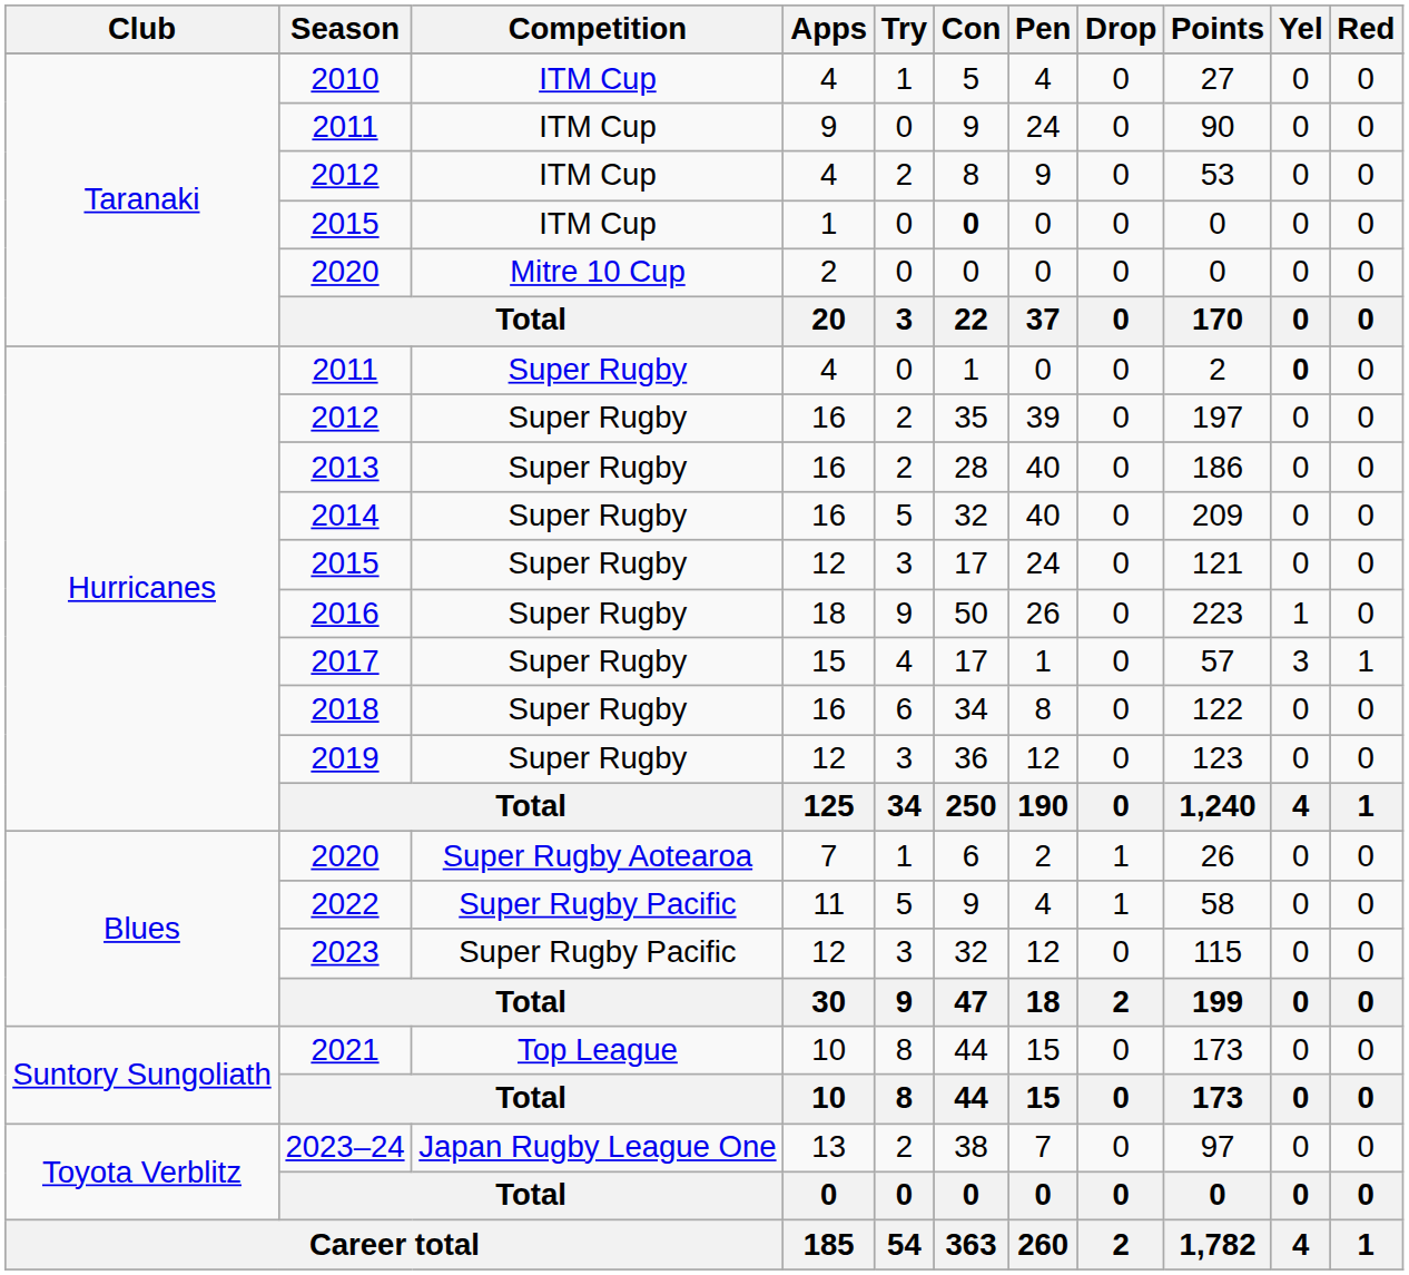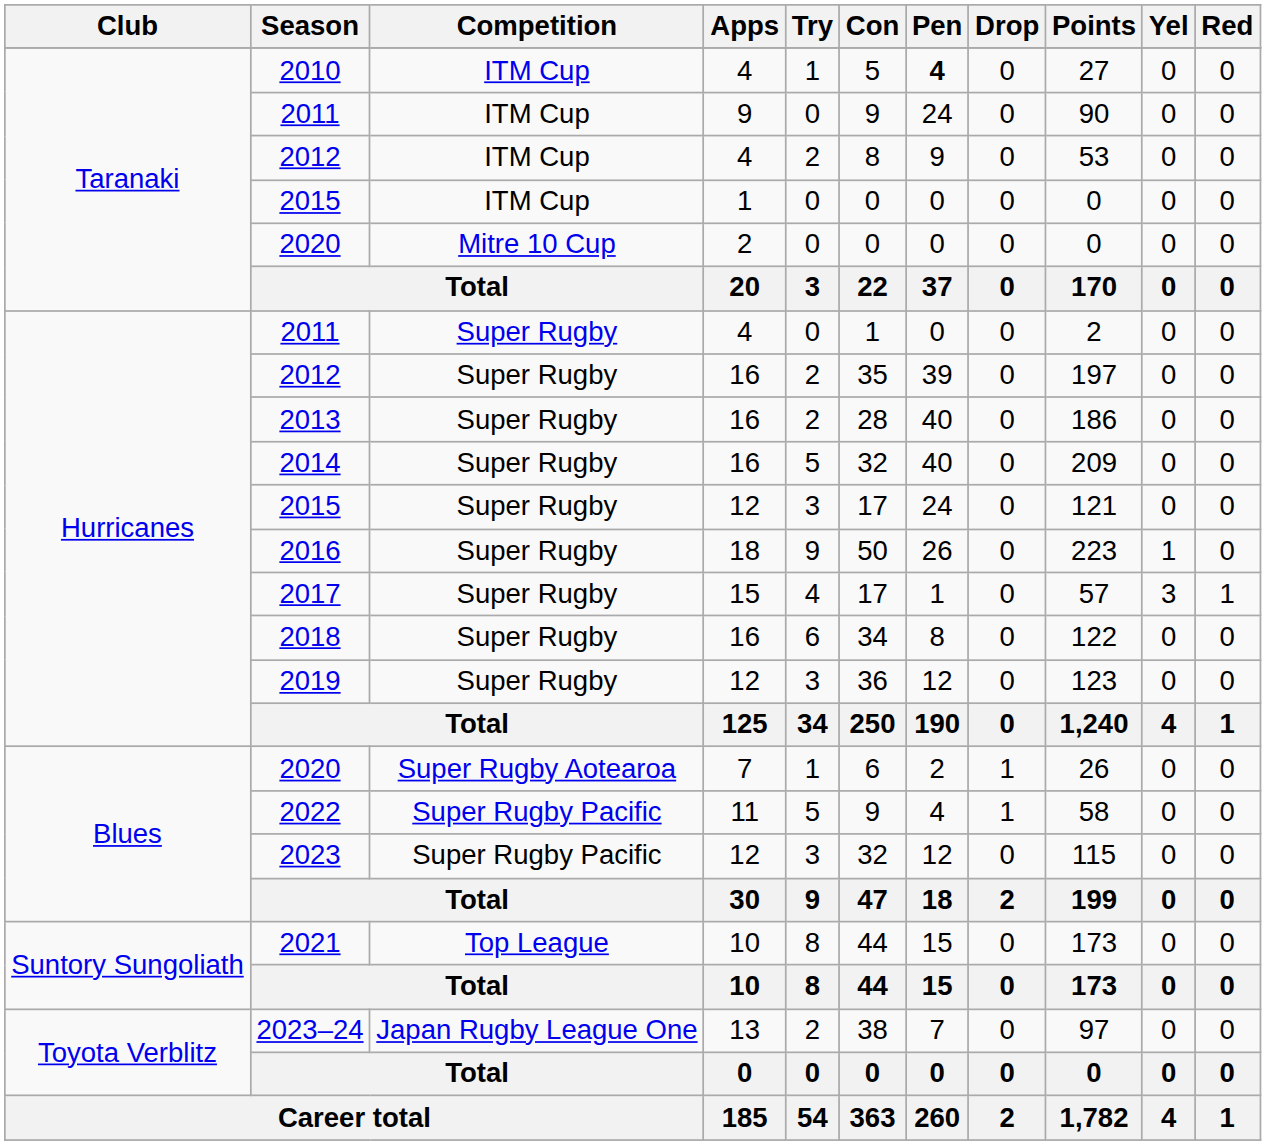 <table class="wikitable sortable" style="text-align:center">
 <tr>
 <th scope="col">Club</th>
 <th scope="col">Season</th>
 <th scope="col">Competition</th>
 <th scope="col">Apps</th>
 <th scope="col">Try</th>
 <th scope="col">Con</th>
 <th scope="col">Pen</th>
 <th scope="col">Drop</th>
 <th scope="col">Points</th>
 <th scope="col">Yel</th>
 <th scope="col">Red</th>
 </tr>
 <tr>
 </tr>
 <tr>
 <td rowspan="6"><a href='#'>Taranaki</a></td>
 <td><a href='#'>2010</a></td>
 <td><a href='#'>ITM Cup</a></td>
 <td>4</td>
 <td>1</td>
 <td>5</td>
-<td>4</td>
+<td><strong>4</strong></td>
 <td>0</td>
 <td>27</td>
 <td>0</td>
 <td>0</td>
 </tr>
 <tr>
 <td><a href='#'>2011</a></td>
 <td>ITM Cup</td>
 <td>9</td>
 <td>0</td>
 <td>9</td>
 <td>24</td>
 <td>0</td>
 <td>90</td>
 <td>0</td>
 <td>0</td>
 </tr>
 <tr>
 <td><a href='#'>2012</a></td>
 <td>ITM Cup</td>
 <td>4</td>
 <td>2</td>
 <td>8</td>
 <td>9</td>
 <td>0</td>
 <td>53</td>
 <td>0</td>
 <td>0</td>
 </tr>
 <tr>
 <td><a href='#'>2015</a></td>
 <td>ITM Cup</td>
 <td>1</td>
 <td>0</td>
-<td><strong>0</strong></td>
+<td>0</td>
 <td>0</td>
 <td>0</td>
 <td>0</td>
 <td>0</td>
 <td>0</td>
 </tr>
 <tr>
 <td><a href='#'>2020</a></td>
 <td><a href='#'>Mitre 10 Cup</a></td>
 <td>2</td>
 <td>0</td>
 <td>0</td>
 <td>0</td>
 <td>0</td>
 <td>0</td>
 <td>0</td>
 <td>0</td>
 </tr>
 <tr>
 <th colspan="2">Total</th>
 <th>20</th>
 <th>3</th>
 <th>22</th>
 <th>37</th>
 <th>0</th>
 <th>170</th>
 <th>0</th>
 <th>0</th>
 </tr>
 <tr>
 <td rowspan="10"><a href='#'>Hurricanes</a></td>
 <td><a href='#'>2011</a></td>
 <td><a href='#'>Super Rugby</a></td>
 <td>4</td>
 <td>0</td>
 <td>1</td>
 <td>0</td>
 <td>0</td>
 <td>2</td>
-<td><strong>0</strong></td>
+<td>0</td>
 <td>0</td>
 </tr>
 <tr>
 <td><a href='#'>2012</a></td>
 <td>Super Rugby</td>
 <td>16</td>
 <td>2</td>
 <td>35</td>
 <td>39</td>
 <td>0</td>
 <td>197</td>
 <td>0</td>
 <td>0</td>
 </tr>
 <tr>
 <td><a href='#'>2013</a></td>
 <td>Super Rugby</td>
 <td>16</td>
 <td>2</td>
 <td>28</td>
 <td>40</td>
 <td>0</td>
 <td>186</td>
 <td>0</td>
 <td>0</td>
 </tr>
 <tr>
 <td><a href='#'>2014</a></td>
 <td>Super Rugby</td>
 <td>16</td>
 <td>5</td>
 <td>32</td>
 <td>40</td>
 <td>0</td>
 <td>209</td>
 <td>0</td>
 <td>0</td>
 </tr>
 <tr>
 <td><a href='#'>2015</a></td>
 <td>Super Rugby</td>
 <td>12</td>
 <td>3</td>
 <td>17</td>
 <td>24</td>
 <td>0</td>
 <td>121</td>
 <td>0</td>
 <td>0</td>
 </tr>
 <tr>
 <td><a href='#'>2016</a></td>
 <td>Super Rugby</td>
 <td>18</td>
 <td>9</td>
 <td>50</td>
 <td>26</td>
 <td>0</td>
 <td>223</td>
 <td>1</td>
 <td>0</td>
 </tr>
 <tr>
 <td><a href='#'>2017</a></td>
 <td>Super Rugby</td>
 <td>15</td>
 <td>4</td>
 <td>17</td>
 <td>1</td>
 <td>0</td>
 <td>57</td>
 <td>3</td>
 <td>1</td>
 </tr>
 <tr>
 <td><a href='#'>2018</a></td>
 <td>Super Rugby</td>
 <td>16</td>
 <td>6</td>
 <td>34</td>
 <td>8</td>
 <td>0</td>
 <td>122</td>
 <td>0</td>
 <td>0</td>
 </tr>
 <tr>
 <td><a href='#'>2019</a></td>
 <td>Super Rugby</td>
 <td>12</td>
 <td>3</td>
 <td>36</td>
 <td>12</td>
 <td>0</td>
 <td>123</td>
 <td>0</td>
 <td>0</td>
 </tr>
 <tr>
 <th colspan="2">Total</th>
 <th>125</th>
 <th>34</th>
 <th>250</th>
 <th>190</th>
 <th>0</th>
 <th>1,240</th>
 <th>4</th>
 <th>1</th>
 </tr>
 <tr>
 <td rowspan="4"><a href='#'>Blues</a></td>
 <td><a href='#'>2020</a></td>
 <td><a href='#'>Super Rugby Aotearoa</a></td>
 <td>7</td>
 <td>1</td>
 <td>6</td>
 <td>2</td>
 <td>1</td>
 <td>26</td>
 <td>0</td>
 <td>0</td>
 </tr>
 <tr>
 <td><a href='#'>2022</a></td>
 <td><a href='#'>Super Rugby Pacific</a></td>
 <td>11</td>
 <td>5</td>
 <td>9</td>
 <td>4</td>
 <td>1</td>
 <td>58</td>
 <td>0</td>
 <td>0</td>
 </tr>
 <tr>
 <td><a href='#'>2023</a></td>
 <td>Super Rugby Pacific</td>
 <td>12</td>
 <td>3</td>
 <td>32</td>
 <td>12</td>
 <td>0</td>
 <td>115</td>
 <td>0</td>
 <td>0</td>
 </tr>
 <tr>
 <th colspan="2">Total</th>
 <th>30</th>
 <th>9</th>
 <th>47</th>
 <th>18</th>
 <th>2</th>
 <th>199</th>
 <th>0</th>
 <th>0</th>
 </tr>
 <tr>
 <td rowspan="2"><a href='#'>Suntory Sungoliath</a></td>
 <td><a href='#'>2021</a></td>
 <td><a href='#'>Top League</a></td>
 <td>10</td>
 <td>8</td>
 <td>44</td>
 <td>15</td>
 <td>0</td>
 <td>173</td>
 <td>0</td>
 <td>0</td>
 </tr>
 <tr>
 <th colspan="2">Total</th>
 <th>10</th>
 <th>8</th>
 <th>44</th>
 <th>15</th>
 <th>0</th>
 <th>173</th>
 <th>0</th>
 <th>0</th>
 </tr>
 <tr>
 <td rowspan="2"><a href='#'>Toyota Verblitz</a></td>
 <td><a href='#'>2023–24</a></td>
 <td><a href='#'>Japan Rugby League One</a></td>
 <td>13</td>
 <td>2</td>
 <td>38</td>
 <td>7</td>
 <td>0</td>
 <td>97</td>
 <td>0</td>
 <td>0</td>
 </tr>
 <tr>
 <th colspan="2">Total</th>
 <th>0</th>
 <th>0</th>
 <th>0</th>
 <th>0</th>
 <th>0</th>
 <th>0</th>
 <th>0</th>
 <th>0</th>
 </tr>
 <tr>
 <th colspan="3">Career total</th>
 <th>185</th>
 <th>54</th>
 <th>363</th>
 <th>260</th>
 <th>2</th>
 <th>1,782</th>
 <th>4</th>
 <th>1</th>
 </tr>
 </table>
